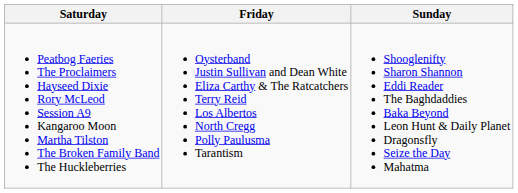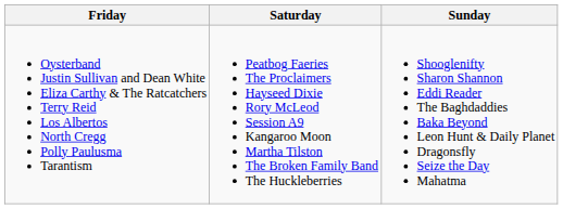 <table class="wikitable">
 <tr>
+<th>Friday</th>
 <th>Saturday</th>
-<th>Friday</th>
 <th>Sunday</th>
 </tr>
 <tr valign="top">
+<td><br><ul><li><a href='#'>Oysterband</a></li><li><a href='#'>Justin Sullivan</a> and Dean White</li><li><a href='#'>Eliza Carthy</a> & The Ratcatchers</li><li><a href='#'>Terry Reid</a></li><li><a href='#'>Los Albertos</a></li><li><a href='#'>North Cregg</a></li><li><a href='#'>Polly Paulusma</a></li><li>Tarantism</li></ul></td>
 <td><br><ul><li><a href='#'>Peatbog Faeries</a></li><li><a href='#'>The Proclaimers</a></li><li><a href='#'>Hayseed Dixie</a></li><li><a href='#'>Rory McLeod</a></li><li><a href='#'>Session A9</a></li><li>Kangaroo Moon</li><li><a href='#'>Martha Tilston</a></li><li><a href='#'>The Broken Family Band</a></li><li>The Huckleberries</li></ul></td>
-<td><br><ul><li><a href='#'>Oysterband</a></li><li><a href='#'>Justin Sullivan</a> and Dean White</li><li><a href='#'>Eliza Carthy</a> & The Ratcatchers</li><li><a href='#'>Terry Reid</a></li><li><a href='#'>Los Albertos</a></li><li><a href='#'>North Cregg</a></li><li><a href='#'>Polly Paulusma</a></li><li>Tarantism</li></ul></td>
 <td><br><ul><li><a href='#'>Shooglenifty</a></li><li><a href='#'>Sharon Shannon</a></li><li><a href='#'>Eddi Reader</a></li><li>The Baghdaddies</li><li><a href='#'>Baka Beyond</a></li><li>Leon Hunt & Daily Planet</li><li>Dragonsfly</li><li><a href='#'>Seize the Day</a></li><li>Mahatma</li></ul></td>
 </tr>
 </table>
